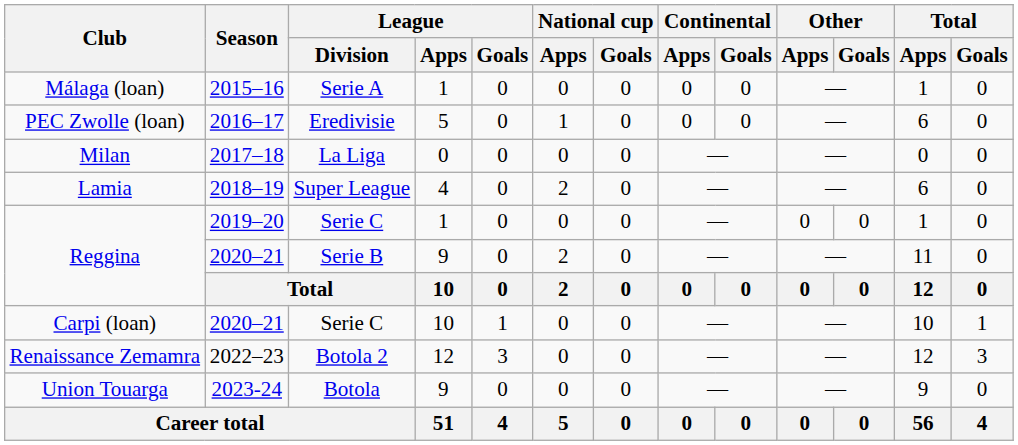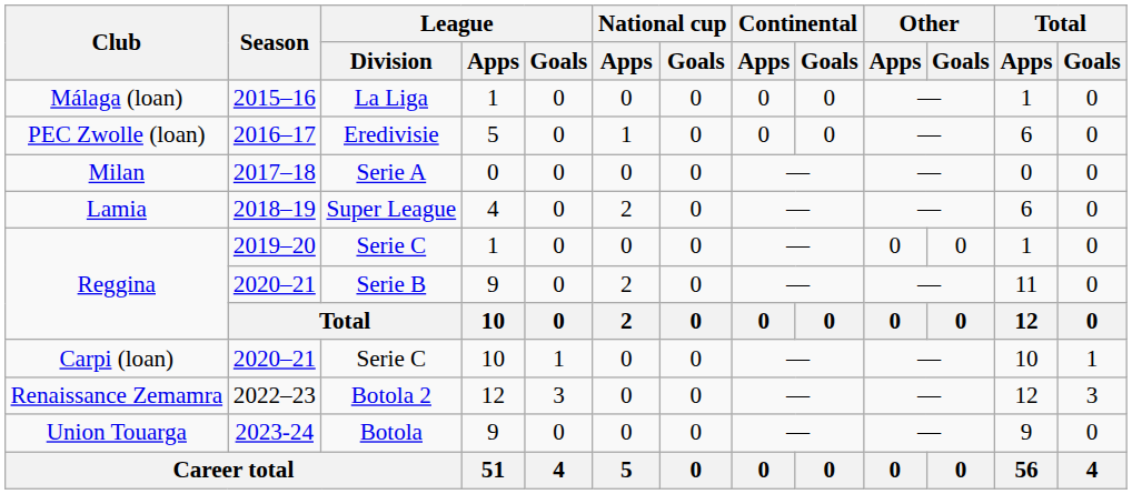 <table class="wikitable" style="text-align:center">
 <tr>
 <th rowspan="2">Club</th>
 <th rowspan="2">Season</th>
 <th colspan="3">League</th>
 <th colspan="2">National cup</th>
 <th colspan="2">Continental</th>
 <th colspan="2">Other</th>
 <th colspan="2">Total</th>
 </tr>
 <tr>
 <th>Division</th>
 <th>Apps</th>
 <th>Goals</th>
 <th>Apps</th>
 <th>Goals</th>
 <th>Apps</th>
 <th>Goals</th>
 <th>Apps</th>
 <th>Goals</th>
 <th>Apps</th>
 <th>Goals</th>
 </tr>
 <tr>
 <td><a href='#'>Málaga</a> (loan)</td>
 <td><a href='#'>2015–16</a></td>
-<td><a href='#'>Serie A</a></td>
+<td><a href='#'>La Liga</a></td>
 <td>1</td>
 <td>0</td>
 <td>0</td>
 <td>0</td>
 <td>0</td>
 <td>0</td>
 <td colspan="2">—</td>
 <td>1</td>
 <td>0</td>
 </tr>
 <tr>
 <td><a href='#'>PEC Zwolle</a> (loan)</td>
 <td><a href='#'>2016–17</a></td>
 <td><a href='#'>Eredivisie</a></td>
 <td>5</td>
 <td>0</td>
 <td>1</td>
 <td>0</td>
 <td>0</td>
 <td>0</td>
 <td colspan="2">—</td>
 <td>6</td>
 <td>0</td>
 </tr>
 <tr>
 <td><a href='#'>Milan</a></td>
 <td><a href='#'>2017–18</a></td>
-<td><a href='#'>La Liga</a></td>
+<td><a href='#'>Serie A</a></td>
 <td>0</td>
 <td>0</td>
 <td>0</td>
 <td>0</td>
 <td colspan="2">—</td>
 <td colspan="2">—</td>
 <td>0</td>
 <td>0</td>
 </tr>
 <tr>
 <td><a href='#'>Lamia</a></td>
 <td><a href='#'>2018–19</a></td>
 <td><a href='#'>Super League</a></td>
 <td>4</td>
 <td>0</td>
 <td>2</td>
 <td>0</td>
 <td colspan="2">—</td>
 <td colspan="2">—</td>
 <td>6</td>
 <td>0</td>
 </tr>
 <tr>
 <td rowspan="3"><a href='#'>Reggina</a></td>
 <td><a href='#'>2019–20</a></td>
 <td><a href='#'>Serie C</a></td>
 <td>1</td>
 <td>0</td>
 <td>0</td>
 <td>0</td>
 <td colspan="2">—</td>
 <td>0</td>
 <td>0</td>
 <td>1</td>
 <td>0</td>
 </tr>
 <tr>
 <td><a href='#'>2020–21</a></td>
 <td><a href='#'>Serie B</a></td>
 <td>9</td>
 <td>0</td>
 <td>2</td>
 <td>0</td>
 <td colspan="2">—</td>
 <td colspan="2">—</td>
 <td>11</td>
 <td>0</td>
 </tr>
 <tr>
 <th colspan="2">Total</th>
 <th>10</th>
 <th>0</th>
 <th>2</th>
 <th>0</th>
 <th>0</th>
 <th>0</th>
 <th>0</th>
 <th>0</th>
 <th>12</th>
 <th>0</th>
 </tr>
 <tr>
 <td><a href='#'>Carpi</a> (loan)</td>
 <td><a href='#'>2020–21</a></td>
 <td>Serie C</td>
 <td>10</td>
 <td>1</td>
 <td>0</td>
 <td>0</td>
 <td colspan="2">—</td>
 <td colspan="2">—</td>
 <td>10</td>
 <td>1</td>
 </tr>
 <tr>
 <td><a href='#'>Renaissance Zemamra</a></td>
 <td>2022–23</td>
 <td><a href='#'>Botola 2</a></td>
 <td>12</td>
 <td>3</td>
 <td>0</td>
 <td>0</td>
 <td colspan="2">—</td>
 <td colspan="2">—</td>
 <td>12</td>
 <td>3</td>
 </tr>
 <tr>
 <td><a href='#'>Union Touarga</a></td>
 <td><a href='#'>2023-24</a></td>
 <td><a href='#'>Botola</a></td>
 <td>9</td>
 <td>0</td>
 <td>0</td>
 <td>0</td>
 <td colspan="2">—</td>
 <td colspan="2">—</td>
 <td>9</td>
 <td>0</td>
 </tr>
 <tr>
 <th colspan="3">Career total</th>
 <th>51</th>
 <th>4</th>
 <th>5</th>
 <th>0</th>
 <th>0</th>
 <th>0</th>
 <th>0</th>
 <th>0</th>
 <th>56</th>
 <th>4</th>
 </tr>
 </table>
